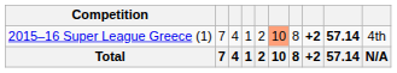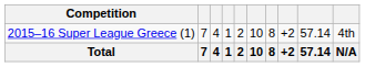 <table class="wikitable" style="text-align:center">
 <tr>
 <th>Competition</th>
 <th></th>
 <th></th>
 <th></th>
 <th></th>
 <th></th>
 <th></th>
 <th></th>
 <th></th>
 <th></th>
 </tr>
 <tr>
 <td><a href='#'>2015–16 Super League Greece</a> (1)</td>
 <td>7</td>
 <td>4</td>
 <td>1</td>
 <td>2</td>
-<td style="background: lightsalmon;">10</td>
+<td>10</td>
 <td>8</td>
-<td><strong>+2</strong></td>
-<td><strong>57.14</strong></td>
+<td>+2</td>
+<td>57.14</td>
 <td>4th</td>
 </tr>
 <tr>
 <th>Total</th>
 <th>7</th>
 <th>4</th>
 <th>1</th>
 <th>2</th>
 <th>10</th>
 <th>8</th>
 <th>+2</th>
 <th>57.14</th>
 <th>N/A</th>
 </tr>
 </table>
